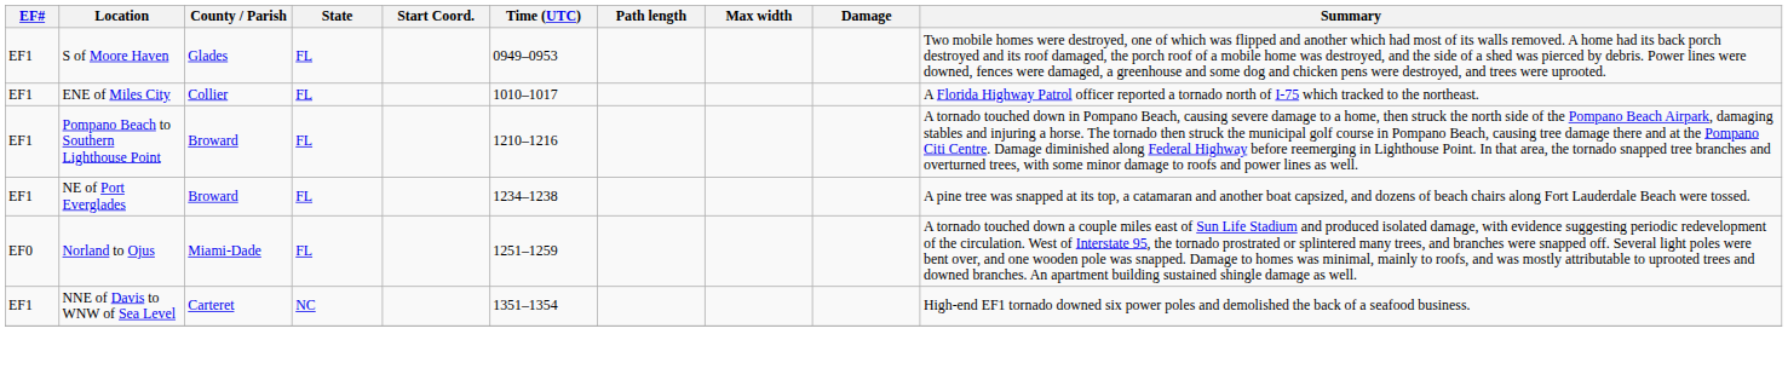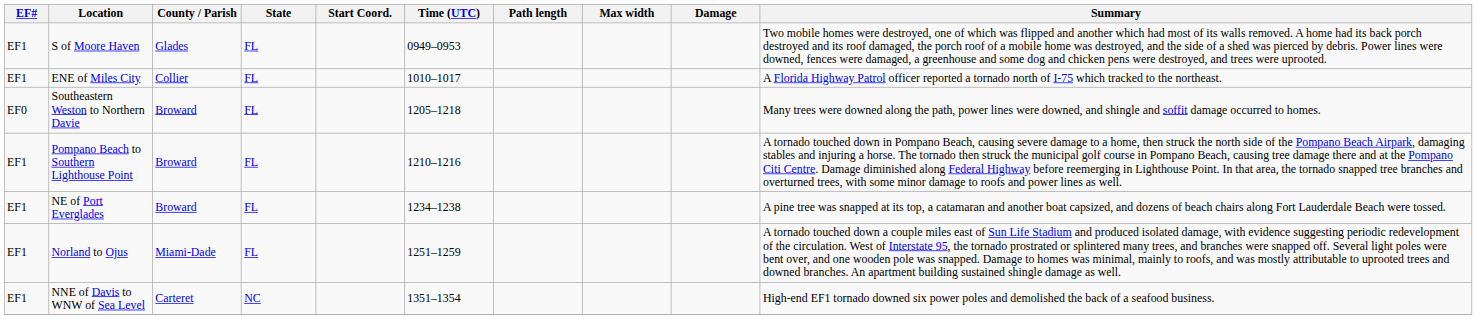 <table class="wikitable sortable" style="width:100%;">
 <tr>
 <th scope="col"  style="width:3%; text-align:center;"><a href='#'>EF#</a></th>
 <th scope="col"  style="width:7%; text-align:center;" class="unsortable">Location</th>
 <th scope="col"  style="width:6%; text-align:center;" class="unsortable">County / Parish</th>
 <th scope="col"  style="width:5%; text-align:center;">State</th>
 <th scope="col"  style="width:6%; text-align:center;">Start Coord.</th>
 <th scope="col"  style="width:6%; text-align:center;">Time (<a href='#'>UTC</a>)</th>
 <th scope="col"  style="width:6%; text-align:center;">Path length</th>
 <th scope="col"  style="width:6%; text-align:center;">Max width</th>
 <th scope="col"  style="width:6%; text-align:center;">Damage</th>
 <th scope="col" class="unsortable" style="width:48%; text-align:center;">Summary</th>
 </tr>
 <tr>
 <td>EF1</td>
 <td>S of <a href='#'>Moore Haven</a></td>
 <td><a href='#'>Glades</a></td>
 <td><a href='#'>FL</a></td>
 <td></td>
 <td>0949–0953</td>
 <td></td>
 <td></td>
 <td></td>
 <td>Two mobile homes were destroyed, one of which was flipped and another which had most of its walls removed. A home had its back porch destroyed and its roof damaged, the porch roof of a mobile home was destroyed, and the side of a shed was pierced by debris. Power lines were downed, fences were damaged, a greenhouse and some dog and chicken pens were destroyed, and trees were uprooted.</td>
 </tr>
 <tr>
 <td>EF1</td>
 <td>ENE of <a href='#'>Miles City</a></td>
 <td><a href='#'>Collier</a></td>
 <td><a href='#'>FL</a></td>
 <td></td>
 <td>1010–1017</td>
 <td></td>
 <td></td>
 <td></td>
 <td>A <a href='#'>Florida Highway Patrol</a> officer reported a tornado north of <a href='#'>I-75</a> which tracked to the northeast.</td>
 </tr>
 <tr>
+<td>EF0</td>
+<td>Southeastern <a href='#'>Weston</a> to Northern <a href='#'>Davie</a></td>
+<td><a href='#'>Broward</a></td>
+<td><a href='#'>FL</a></td>
+<td></td>
+<td>1205–1218</td>
+<td></td>
+<td></td>
+<td></td>
+<td>Many trees were downed along the path, power lines were downed, and shingle and <a href='#'>soffit</a> damage occurred to homes.</td>
+</tr>
+<tr>
 <td>EF1</td>
 <td><a href='#'>Pompano Beach</a> to <a href='#'>Southern Lighthouse Point</a></td>
 <td><a href='#'>Broward</a></td>
 <td><a href='#'>FL</a></td>
 <td></td>
 <td>1210–1216</td>
 <td></td>
 <td></td>
 <td></td>
 <td>A tornado touched down in Pompano Beach, causing severe damage to a home, then struck the north side of the <a href='#'>Pompano Beach Airpark</a>, damaging stables and injuring a horse. The tornado then struck the municipal golf course in Pompano Beach, causing tree damage there and at the <a href='#'>Pompano Citi Centre</a>. Damage diminished along <a href='#'>Federal Highway</a> before reemerging in Lighthouse Point. In that area, the tornado snapped tree branches and overturned trees, with some minor damage to roofs and power lines as well.</td>
 </tr>
 <tr>
 <td>EF1</td>
 <td>NE of <a href='#'>Port Everglades</a></td>
 <td><a href='#'>Broward</a></td>
 <td><a href='#'>FL</a></td>
 <td></td>
 <td>1234–1238</td>
 <td></td>
 <td></td>
 <td></td>
 <td>A pine tree was snapped at its top, a catamaran and another boat capsized, and dozens of beach chairs along Fort Lauderdale Beach were tossed.</td>
 </tr>
 <tr>
-<td>EF0</td>
+<td>EF1</td>
 <td><a href='#'>Norland</a> to <a href='#'>Ojus</a></td>
 <td><a href='#'>Miami-Dade</a></td>
 <td><a href='#'>FL</a></td>
 <td></td>
 <td>1251–1259</td>
 <td></td>
 <td></td>
 <td></td>
 <td>A tornado touched down a couple miles east of <a href='#'>Sun Life Stadium</a> and produced isolated damage, with evidence suggesting periodic redevelopment of the circulation. West of <a href='#'>Interstate 95</a>, the tornado prostrated or splintered many trees, and branches were snapped off. Several light poles were bent over, and one wooden pole was snapped. Damage to homes was minimal, mainly to roofs, and was mostly attributable to uprooted trees and downed branches. An apartment building sustained shingle damage as well.</td>
 </tr>
 <tr>
 <td>EF1</td>
 <td>NNE of <a href='#'>Davis</a> to WNW of <a href='#'>Sea Level</a></td>
 <td><a href='#'>Carteret</a></td>
 <td><a href='#'>NC</a></td>
 <td></td>
 <td>1351–1354</td>
 <td></td>
 <td></td>
 <td></td>
 <td>High-end EF1 tornado downed six power poles and demolished the back of a seafood business.</td>
 </tr>
 <tr>
 </tr>
 </table>
